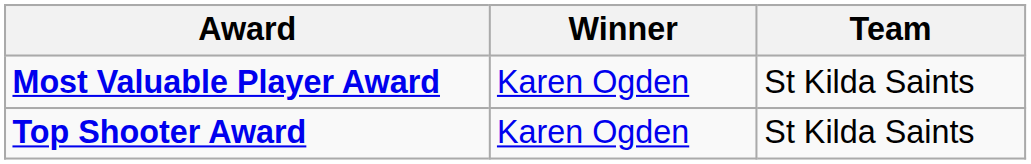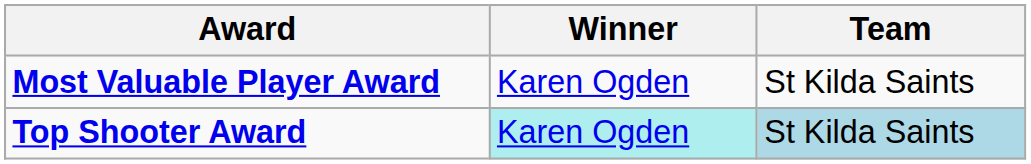 <table class="wikitable" style="width: 40%">
 <tr>
 <th colspan=2 width=150>Award</th>
 <th width=125>Winner</th>
 <th width=125>Team</th>
 </tr>
 <tr>
 <td colspan=2><strong><a href='#'>Most Valuable Player Award</a></strong></td>
 <td> <a href='#'>Karen Ogden</a></td>
 <td>St Kilda Saints</td>
 </tr>
 <tr>
 <td colspan=2><strong><a href='#'>Top Shooter Award</a></strong></td>
-<td> <a href='#'>Karen Ogden</a></td>
-<td>St Kilda Saints</td>
+<td style="background: paleturquoise;"> <a href='#'>Karen Ogden</a></td>
+<td style="background: lightblue;">St Kilda Saints</td>
 </tr>
 </table>
